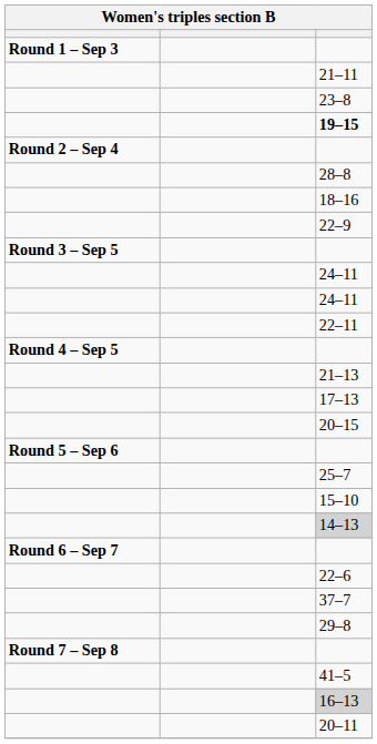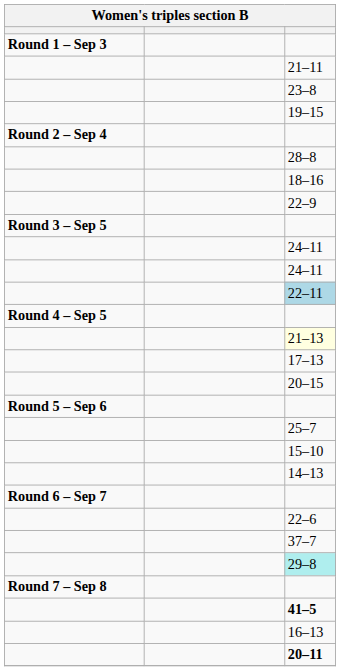 <table class="wikitable">
 <tr>
 <th colspan="3">Women's triples section B</th>
 </tr>
 <tr>
 <th width=150></th>
 <th width=150></th>
 <th width=50></th>
 </tr>
 <tr>
 <td><strong>Round 1 – Sep 3</strong></td>
 <td></td>
 <td></td>
 </tr>
 <tr>
 <td></td>
 <td></td>
 <td>21–11</td>
 </tr>
 <tr>
 <td></td>
 <td></td>
 <td>23–8</td>
 </tr>
 <tr>
 <td></td>
 <td></td>
-<td><strong>19–15</strong></td>
+<td>19–15</td>
 </tr>
 <tr>
 <td><strong>Round 2 – Sep 4</strong></td>
 <td></td>
 <td></td>
 </tr>
 <tr>
 <td></td>
 <td></td>
 <td>28–8</td>
 </tr>
 <tr>
 <td></td>
 <td></td>
 <td>18–16</td>
 </tr>
 <tr>
 <td></td>
 <td></td>
 <td>22–9</td>
 </tr>
 <tr>
 <td><strong>Round 3 – Sep 5</strong></td>
 <td></td>
 <td></td>
 </tr>
 <tr>
 <td></td>
 <td></td>
 <td>24–11</td>
 </tr>
 <tr>
 <td></td>
 <td></td>
 <td>24–11</td>
 </tr>
 <tr>
 <td></td>
 <td></td>
-<td>22–11</td>
+<td style="background: lightblue;">22–11</td>
 </tr>
 <tr>
 <td><strong>Round 4 – Sep 5</strong></td>
 <td></td>
 <td></td>
 </tr>
 <tr>
 <td></td>
 <td></td>
-<td>21–13</td>
+<td style="background: lightyellow;">21–13</td>
 </tr>
 <tr>
 <td></td>
 <td></td>
 <td>17–13</td>
 </tr>
 <tr>
 <td></td>
 <td></td>
 <td>20–15</td>
 </tr>
 <tr>
 <td><strong>Round 5 – Sep 6</strong></td>
 <td></td>
 <td></td>
 </tr>
 <tr>
 <td></td>
 <td></td>
 <td>25–7</td>
 </tr>
 <tr>
 <td></td>
 <td></td>
 <td>15–10</td>
 </tr>
 <tr>
 <td></td>
 <td></td>
-<td style="background: lightgrey;">14–13</td>
+<td>14–13</td>
 </tr>
 <tr>
 <td><strong>Round 6  – Sep 7</strong></td>
 <td></td>
 <td></td>
 </tr>
 <tr>
 <td></td>
 <td></td>
 <td>22–6</td>
 </tr>
 <tr>
 <td></td>
 <td></td>
 <td>37–7</td>
 </tr>
 <tr>
 <td></td>
 <td></td>
-<td>29–8</td>
+<td style="background: paleturquoise;">29–8</td>
 </tr>
 <tr>
 <td><strong>Round 7 – Sep 8</strong></td>
 <td></td>
 <td></td>
 </tr>
 <tr>
 <td></td>
 <td></td>
-<td>41–5</td>
+<td><strong>41–5</strong></td>
 </tr>
 <tr>
 <td></td>
 <td></td>
-<td style="background: lightgrey;">16–13</td>
+<td>16–13</td>
 </tr>
 <tr>
 <td></td>
 <td></td>
-<td>20–11</td>
+<td><strong>20–11</strong></td>
 </tr>
 <tr>
 </tr>
 </table>
